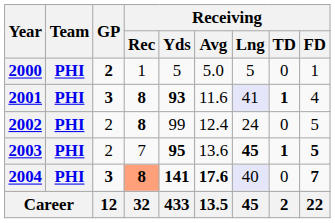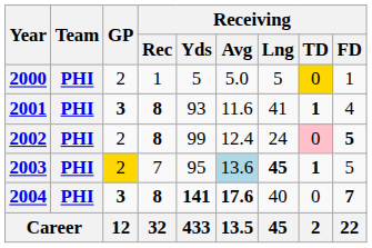 <table class="wikitable" style="text-align:center;">
 <tr>
 <th rowspan="2">Year</th>
 <th rowspan="2">Team</th>
 <th rowspan="2">GP</th>
 <th colspan="6">Receiving</th>
 </tr>
 <tr>
 <th>Rec</th>
 <th>Yds</th>
 <th>Avg</th>
 <th>Lng</th>
 <th>TD</th>
 <th>FD</th>
 </tr>
 <tr>
 <th><a href='#'>2000</a></th>
 <th><a href='#'>PHI</a></th>
-<td><strong>2</strong></td>
+<td>2</td>
 <td>1</td>
 <td>5</td>
 <td>5.0</td>
 <td>5</td>
-<td>0</td>
+<td style="background: gold;">0</td>
 <td>1</td>
 </tr>
 <tr>
 <th><a href='#'>2001</a></th>
 <th><a href='#'>PHI</a></th>
 <td><strong>3</strong></td>
 <td><strong>8</strong></td>
-<td><strong>93</strong></td>
+<td>93</td>
 <td>11.6</td>
-<td style="background: lavender;">41</td>
+<td>41</td>
 <td><strong>1</strong></td>
 <td>4</td>
 </tr>
 <tr>
 <th><a href='#'>2002</a></th>
 <th><a href='#'>PHI</a></th>
 <td>2</td>
 <td><strong>8</strong></td>
 <td>99</td>
 <td>12.4</td>
 <td>24</td>
-<td>0</td>
-<td>5</td>
+<td style="background: pink;">0</td>
+<td><strong>5</strong></td>
 </tr>
 <tr>
 <th><a href='#'>2003</a></th>
 <th><a href='#'>PHI</a></th>
-<td>2</td>
+<td style="background: gold;">2</td>
 <td>7</td>
-<td><strong>95</strong></td>
-<td>13.6</td>
+<td>95</td>
+<td style="background: lightblue;">13.6</td>
 <td><strong>45</strong></td>
 <td><strong>1</strong></td>
-<td><strong>5</strong></td>
+<td>5</td>
 </tr>
 <tr>
 <th><a href='#'>2004</a></th>
 <th><a href='#'>PHI</a></th>
 <td><strong>3</strong></td>
-<td style="background: lightsalmon;"><strong>8</strong></td>
+<td><strong>8</strong></td>
 <td><strong>141</strong></td>
 <td><strong>17.6</strong></td>
-<td style="background: lavender;">40</td>
+<td>40</td>
 <td>0</td>
 <td><strong>7</strong></td>
 </tr>
 <tr>
 <th colspan="2">Career</th>
 <th>12</th>
 <th>32</th>
 <th>433</th>
 <th>13.5</th>
 <th>45</th>
 <th>2</th>
 <th>22</th>
 </tr>
 </table>
